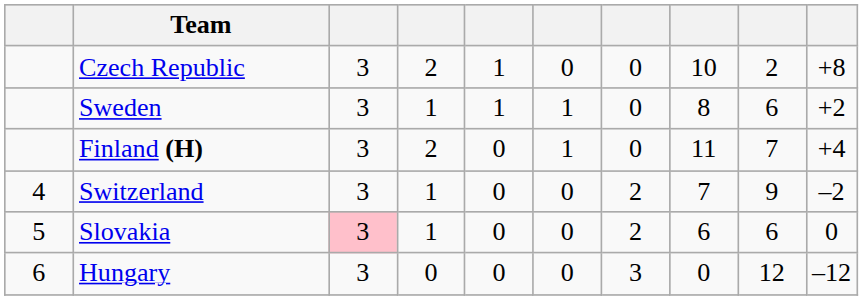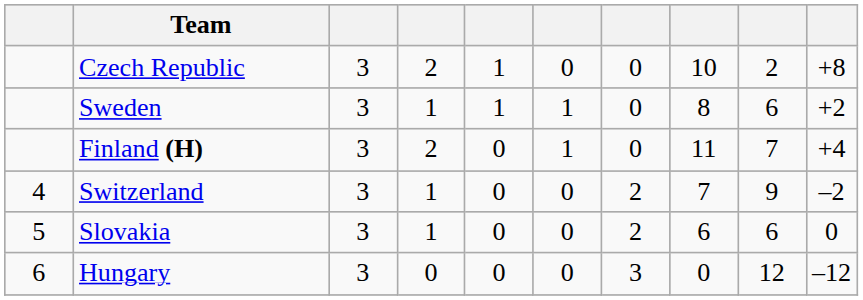 <table class="wikitable" style="text-align:center">
 <tr>
 <th width=8%></th>
 <th width=30%>Team</th>
 <th width=8%></th>
 <th width=8%></th>
 <th width=8%></th>
 <th width=8%></th>
 <th width=8%></th>
 <th width=8%></th>
 <th width=8%></th>
 <th width=8%></th>
 </tr>
 <tr>
 <td></td>
 <td align=left> <a href='#'>Czech Republic</a></td>
 <td>3</td>
 <td>2</td>
 <td>1</td>
 <td>0</td>
 <td>0</td>
 <td>10</td>
 <td>2</td>
 <td>+8</td>
 </tr>
 <tr>
 <td></td>
 <td align=left> <a href='#'>Sweden</a></td>
 <td>3</td>
 <td>1</td>
 <td>1</td>
 <td>1</td>
 <td>0</td>
 <td>8</td>
 <td>6</td>
 <td>+2</td>
 </tr>
 <tr>
 <td></td>
 <td align=left> <a href='#'>Finland</a> <strong>(H)</strong></td>
 <td>3</td>
 <td>2</td>
 <td>0</td>
 <td>1</td>
 <td>0</td>
 <td>11</td>
 <td>7</td>
 <td>+4</td>
 </tr>
 <tr>
 <td>4</td>
 <td align=left> <a href='#'>Switzerland</a></td>
 <td>3</td>
 <td>1</td>
 <td>0</td>
 <td>0</td>
 <td>2</td>
 <td>7</td>
 <td>9</td>
 <td>–2</td>
 </tr>
 <tr>
 <td>5</td>
 <td align=left> <a href='#'>Slovakia</a></td>
-<td style="background: pink;">3</td>
+<td>3</td>
 <td>1</td>
 <td>0</td>
 <td>0</td>
 <td>2</td>
 <td>6</td>
 <td>6</td>
 <td>0</td>
 </tr>
 <tr>
 <td>6</td>
 <td align=left> <a href='#'>Hungary</a></td>
 <td>3</td>
 <td>0</td>
 <td>0</td>
 <td>0</td>
 <td>3</td>
 <td>0</td>
 <td>12</td>
 <td>–12</td>
 </tr>
 </table>
